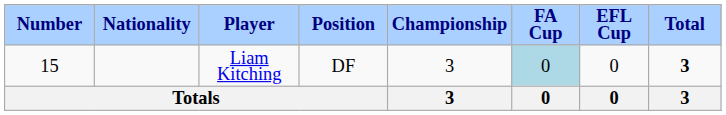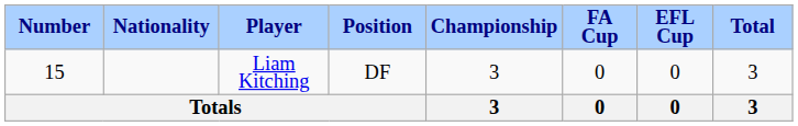 <table class="wikitable sortable alternance" style="font-size:100%; text-align:center; line-height:14px; width:100%;">
 <tr>
 <th style="background:#AAD0FF; color:#000080; width:100px;">Number</th>
 <th style="background:#AAD0FF; color:#000080; width:100px;">Nationality</th>
 <th style="background:#AAD0FF; color:#000080; width:130px;">Player</th>
 <th style="background:#AAD0FF; color:#000080; width:100px;">Position</th>
 <th style="background:#AAD0FF; color:#000080; width:100px;">Championship</th>
 <th style="background:#AAD0FF; color:#000080; width:100px;">FA Cup</th>
 <th style="background:#AAD0FF; color:#000080; width:100px;">EFL Cup</th>
 <th style="background:#AAD0FF; color:#000080; width:100px;">Total</th>
 </tr>
 <tr>
 <td>15</td>
 <td></td>
 <td><a href='#'>Liam Kitching</a></td>
 <td>DF</td>
 <td>3</td>
-<td style="background: lightblue;">0</td>
 <td>0</td>
-<td><strong>3</strong></td>
+<td>0</td>
+<td>3</td>
 </tr>
 <tr class="sortbottom">
 <th colspan="4">Totals</th>
 <th>3</th>
 <th>0</th>
 <th>0</th>
 <th>3</th>
 </tr>
 </table>
